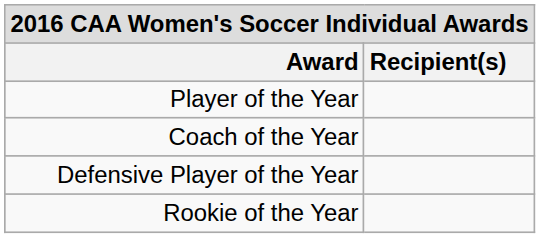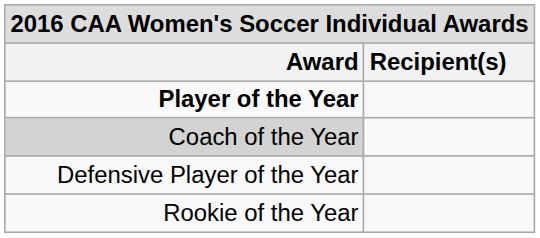 <table class="wikitable" style="white-space:nowrap; font-size:90%;">
 <tr>
 <td colspan="7" style="text-align:center; background:#ddd;"><strong>2016 CAA Women's Soccer Individual Awards</strong></td>
 </tr>
 <tr>
 <th style="text-align:right;">Award</th>
 <th style="text-align:left;">Recipient(s)</th>
 </tr>
 <tr>
-<td style="text-align:right;">Player of the Year</td>
+<td style="text-align:right;"><strong>Player of the Year</strong></td>
 <td style="text-align:left;"></td>
 </tr>
 <tr>
-<td style="text-align:right;">Coach of the Year</td>
+<td style="background: lightgrey; text-align:right;">Coach of the Year</td>
 <td style="text-align:left;"></td>
 </tr>
 <tr>
 <td style="text-align:right;">Defensive Player of the Year</td>
 <td style="text-align:left;"></td>
 </tr>
 <tr>
 <td style="text-align:right;">Rookie of the Year</td>
 <td style="text-align:left;"></td>
 </tr>
 </table>
